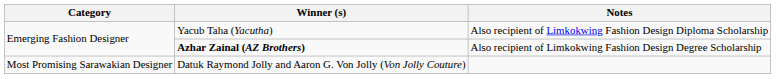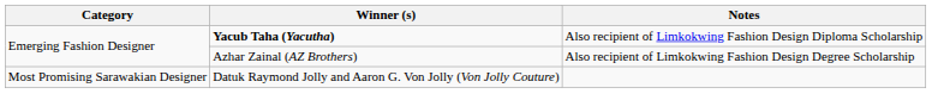 <table class="wikitable">
 <tr>
 <th>Category</th>
 <th>Winner (s)</th>
 <th>Notes</th>
 </tr>
 <tr>
 <td rowspan="2">Emerging Fashion Designer</td>
-<td>Yacub Taha (<em>Yacutha</em>)</td>
+<td><strong>Yacub Taha (<em>Yacutha</em>)</strong></td>
 <td>Also recipient of <a href='#'>Limkokwing</a> Fashion Design Diploma Scholarship</td>
 </tr>
 <tr>
-<td><strong>Azhar Zainal (<em>AZ Brothers</em>)</strong></td>
+<td>Azhar Zainal (<em>AZ Brothers</em>)</td>
 <td>Also recipient of Limkokwing Fashion Design Degree Scholarship</td>
 </tr>
 <tr>
 <td>Most Promising Sarawakian Designer</td>
 <td>Datuk Raymond Jolly and Aaron G. Von Jolly (<em>Von Jolly Couture</em>)</td>
 <td></td>
 </tr>
 </table>
